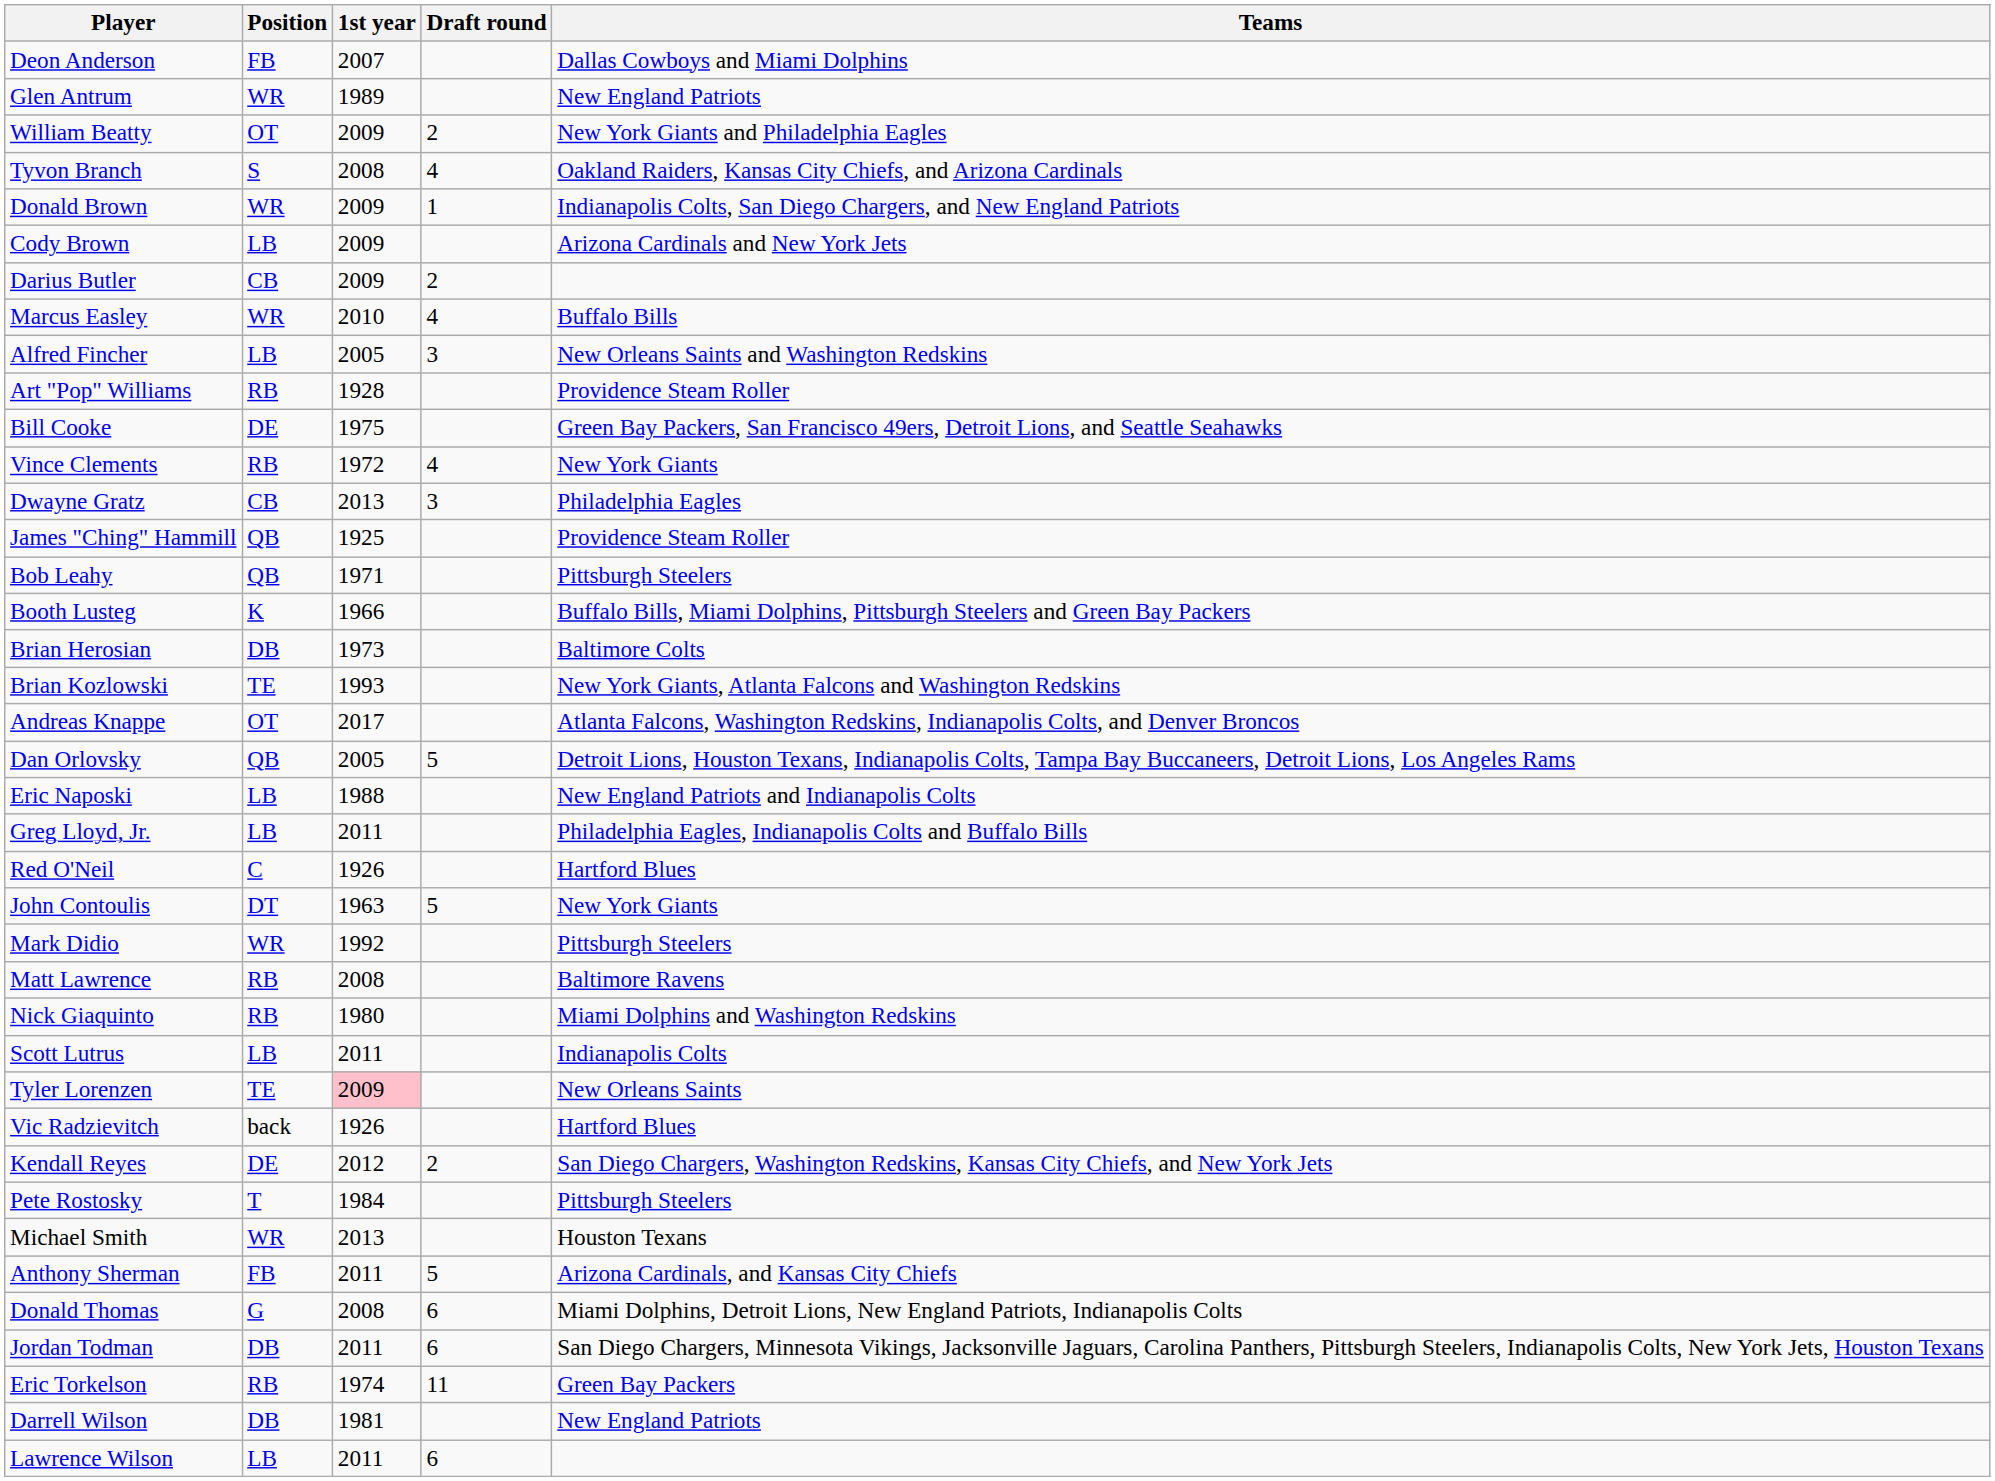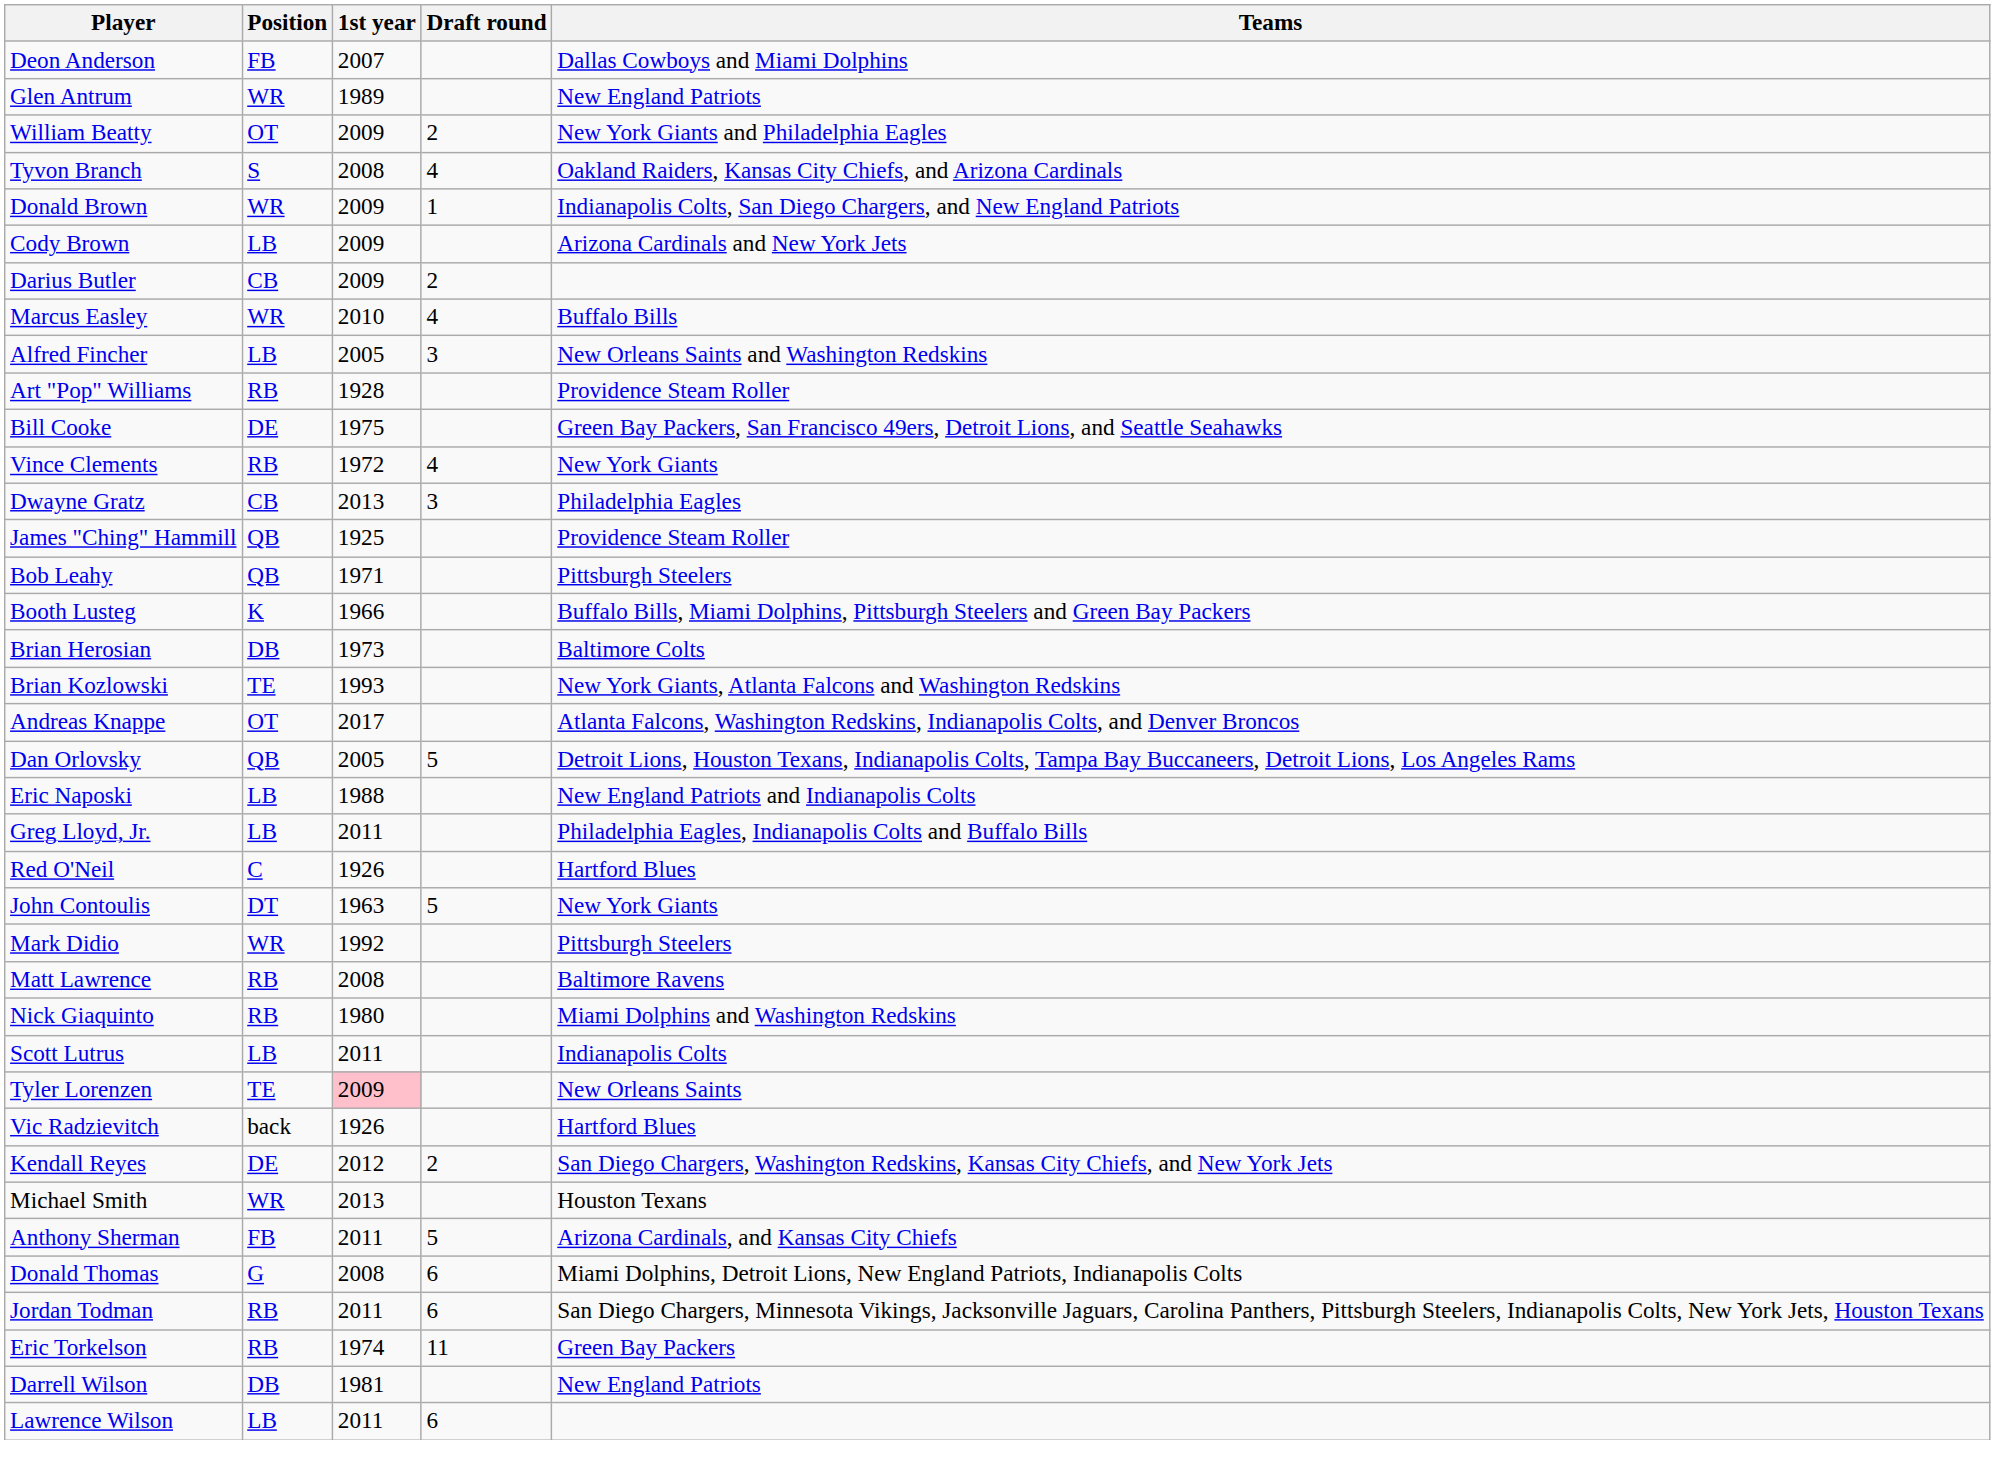 <table class="wikitable">
 <tr>
 <th>Player</th>
 <th>Position</th>
 <th>1st year</th>
 <th>Draft round</th>
 <th>Teams</th>
 </tr>
 <tr>
 <td><a href='#'>Deon Anderson</a></td>
 <td><a href='#'>FB</a></td>
 <td>2007</td>
 <td></td>
 <td><a href='#'>Dallas Cowboys</a> and <a href='#'>Miami Dolphins</a></td>
 </tr>
 <tr>
 <td><a href='#'>Glen Antrum</a></td>
 <td><a href='#'>WR</a></td>
 <td>1989</td>
 <td></td>
 <td><a href='#'>New England Patriots</a></td>
 </tr>
 <tr>
 <td><a href='#'>William Beatty</a></td>
 <td><a href='#'>OT</a></td>
 <td>2009</td>
 <td>2</td>
 <td><a href='#'>New York Giants</a> and <a href='#'>Philadelphia Eagles</a></td>
 </tr>
 <tr>
 <td><a href='#'>Tyvon Branch</a></td>
 <td><a href='#'>S</a></td>
 <td>2008</td>
 <td>4</td>
 <td><a href='#'>Oakland Raiders</a>, <a href='#'>Kansas City Chiefs</a>, and <a href='#'>Arizona Cardinals</a></td>
 </tr>
 <tr>
 <td><a href='#'>Donald Brown</a></td>
 <td><a href='#'>WR</a></td>
 <td>2009</td>
 <td>1</td>
 <td><a href='#'>Indianapolis Colts</a>, <a href='#'>San Diego Chargers</a>, and <a href='#'>New England Patriots</a></td>
 </tr>
 <tr>
 <td><a href='#'>Cody Brown</a></td>
 <td><a href='#'>LB</a></td>
 <td>2009</td>
 <td></td>
 <td><a href='#'>Arizona Cardinals</a> and <a href='#'>New York Jets</a></td>
 </tr>
 <tr>
 <td><a href='#'>Darius Butler</a></td>
 <td><a href='#'>CB</a></td>
 <td>2009</td>
 <td>2</td>
 </tr>
 <tr>
 <td><a href='#'>Marcus Easley</a></td>
 <td><a href='#'>WR</a></td>
 <td>2010</td>
 <td>4</td>
 <td><a href='#'>Buffalo Bills</a></td>
 </tr>
 <tr>
 <td><a href='#'>Alfred Fincher</a></td>
 <td><a href='#'>LB</a></td>
 <td>2005</td>
 <td>3</td>
 <td><a href='#'>New Orleans Saints</a> and <a href='#'>Washington Redskins</a></td>
 </tr>
 <tr>
 <td><a href='#'>Art "Pop" Williams</a></td>
 <td><a href='#'>RB</a></td>
 <td>1928</td>
 <td></td>
 <td><a href='#'>Providence Steam Roller</a></td>
 </tr>
 <tr>
 <td><a href='#'>Bill Cooke</a></td>
 <td><a href='#'>DE</a></td>
 <td>1975</td>
 <td></td>
 <td><a href='#'>Green Bay Packers</a>, <a href='#'>San Francisco 49ers</a>, <a href='#'>Detroit Lions</a>, and <a href='#'>Seattle Seahawks</a></td>
 </tr>
 <tr>
 <td><a href='#'>Vince Clements</a></td>
 <td><a href='#'>RB</a></td>
 <td>1972</td>
 <td>4</td>
 <td><a href='#'>New York Giants</a></td>
 </tr>
 <tr>
 <td><a href='#'>Dwayne Gratz</a></td>
 <td><a href='#'>CB</a></td>
 <td>2013</td>
 <td>3</td>
 <td><a href='#'>Philadelphia Eagles</a></td>
 </tr>
 <tr>
 <td><a href='#'>James "Ching" Hammill</a></td>
 <td><a href='#'>QB</a></td>
 <td>1925</td>
 <td></td>
 <td><a href='#'>Providence Steam Roller</a></td>
 </tr>
 <tr>
 <td><a href='#'>Bob Leahy</a></td>
 <td><a href='#'>QB</a></td>
 <td>1971</td>
 <td></td>
 <td><a href='#'>Pittsburgh Steelers</a></td>
 </tr>
 <tr>
 <td><a href='#'>Booth Lusteg</a></td>
 <td><a href='#'>K</a></td>
 <td>1966</td>
 <td></td>
 <td><a href='#'>Buffalo Bills</a>, <a href='#'>Miami Dolphins</a>, <a href='#'>Pittsburgh Steelers</a> and <a href='#'>Green Bay Packers</a></td>
 </tr>
 <tr>
 <td><a href='#'>Brian Herosian</a></td>
 <td><a href='#'>DB</a></td>
 <td>1973</td>
 <td></td>
 <td><a href='#'>Baltimore Colts</a></td>
 </tr>
 <tr>
 <td><a href='#'>Brian Kozlowski</a></td>
 <td><a href='#'>TE</a></td>
 <td>1993</td>
 <td></td>
 <td><a href='#'>New York Giants</a>, <a href='#'>Atlanta Falcons</a> and <a href='#'>Washington Redskins</a></td>
 </tr>
 <tr>
 <td><a href='#'>Andreas Knappe</a></td>
 <td><a href='#'>OT</a></td>
 <td>2017</td>
 <td></td>
 <td><a href='#'>Atlanta Falcons</a>, <a href='#'>Washington Redskins</a>, <a href='#'>Indianapolis Colts</a>, and <a href='#'>Denver Broncos</a></td>
 </tr>
 <tr>
 <td><a href='#'>Dan Orlovsky</a></td>
 <td><a href='#'>QB</a></td>
 <td>2005</td>
 <td>5</td>
 <td><a href='#'>Detroit Lions</a>, <a href='#'>Houston Texans</a>, <a href='#'>Indianapolis Colts</a>, <a href='#'>Tampa Bay Buccaneers</a>, <a href='#'>Detroit Lions</a>, <a href='#'>Los Angeles Rams</a></td>
 </tr>
 <tr>
 <td><a href='#'>Eric Naposki</a></td>
 <td><a href='#'>LB</a></td>
 <td>1988</td>
 <td></td>
 <td><a href='#'>New England Patriots</a> and <a href='#'>Indianapolis Colts</a></td>
 </tr>
 <tr>
 <td><a href='#'>Greg Lloyd, Jr.</a></td>
 <td><a href='#'>LB</a></td>
 <td>2011</td>
 <td></td>
 <td><a href='#'>Philadelphia Eagles</a>, <a href='#'>Indianapolis Colts</a> and <a href='#'>Buffalo Bills</a></td>
 </tr>
 <tr>
 <td><a href='#'>Red O'Neil</a></td>
 <td><a href='#'>C</a></td>
 <td>1926</td>
 <td></td>
 <td><a href='#'>Hartford Blues</a></td>
 </tr>
 <tr>
 <td><a href='#'>John Contoulis</a></td>
 <td><a href='#'>DT</a></td>
 <td>1963</td>
 <td>5</td>
 <td><a href='#'>New York Giants</a></td>
 </tr>
 <tr>
 <td><a href='#'>Mark Didio</a></td>
 <td><a href='#'>WR</a></td>
 <td>1992</td>
 <td></td>
 <td><a href='#'>Pittsburgh Steelers</a></td>
 </tr>
 <tr>
 <td><a href='#'>Matt Lawrence</a></td>
 <td><a href='#'>RB</a></td>
 <td>2008</td>
 <td></td>
 <td><a href='#'>Baltimore Ravens</a></td>
 </tr>
 <tr>
 <td><a href='#'>Nick Giaquinto</a></td>
 <td><a href='#'>RB</a></td>
 <td>1980</td>
 <td></td>
 <td><a href='#'>Miami Dolphins</a> and <a href='#'>Washington Redskins</a></td>
 </tr>
 <tr>
 <td><a href='#'>Scott Lutrus</a></td>
 <td><a href='#'>LB</a></td>
 <td>2011</td>
 <td></td>
 <td><a href='#'>Indianapolis Colts</a></td>
 </tr>
 <tr>
 <td><a href='#'>Tyler Lorenzen</a></td>
 <td><a href='#'>TE</a></td>
 <td style="background: pink;">2009</td>
 <td></td>
 <td><a href='#'>New Orleans Saints</a></td>
 </tr>
 <tr>
 <td><a href='#'>Vic Radzievitch</a>  </td>
 <td>back</td>
 <td>1926</td>
 <td></td>
 <td><a href='#'>Hartford Blues</a></td>
 </tr>
 <tr>
 <td><a href='#'>Kendall Reyes</a></td>
 <td><a href='#'>DE</a></td>
 <td>2012</td>
 <td>2</td>
 <td><a href='#'>San Diego Chargers</a>, <a href='#'>Washington Redskins</a>, <a href='#'>Kansas City Chiefs</a>, and <a href='#'>New York Jets</a></td>
 </tr>
 <tr>
-<td><a href='#'>Pete Rostosky</a></td>
-<td><a href='#'>T</a></td>
-<td>1984</td>
-<td></td>
-<td><a href='#'>Pittsburgh Steelers</a></td>
-</tr>
-<tr>
 <td>Michael Smith</td>
 <td><a href='#'>WR</a></td>
 <td>2013</td>
 <td></td>
 <td>Houston Texans</td>
 </tr>
 <tr>
 <td><a href='#'>Anthony Sherman</a></td>
 <td><a href='#'>FB</a></td>
 <td>2011</td>
 <td>5</td>
 <td><a href='#'>Arizona Cardinals</a>, and <a href='#'>Kansas City Chiefs</a></td>
 </tr>
 <tr>
 <td><a href='#'>Donald Thomas</a></td>
 <td><a href='#'>G</a></td>
 <td>2008</td>
 <td>6</td>
 <td>Miami Dolphins, Detroit Lions, New England Patriots, Indianapolis Colts</td>
 </tr>
 <tr>
 <td><a href='#'>Jordan Todman</a></td>
-<td><a href='#'>DB</a></td>
+<td><a href='#'>RB</a></td>
 <td>2011</td>
 <td>6</td>
 <td>San Diego Chargers, Minnesota Vikings, Jacksonville Jaguars, Carolina Panthers, Pittsburgh Steelers, Indianapolis Colts, New York Jets, <a href='#'>Houston Texans</a></td>
 </tr>
 <tr>
 <td><a href='#'>Eric Torkelson</a></td>
 <td><a href='#'>RB</a></td>
 <td>1974</td>
 <td>11</td>
 <td><a href='#'>Green Bay Packers</a></td>
 </tr>
 <tr>
 <td><a href='#'>Darrell Wilson</a></td>
 <td><a href='#'>DB</a></td>
 <td>1981</td>
 <td></td>
 <td><a href='#'>New England Patriots</a></td>
 </tr>
 <tr>
 <td><a href='#'>Lawrence Wilson</a></td>
 <td><a href='#'>LB</a></td>
 <td>2011</td>
 <td>6</td>
 <td></td>
 </tr>
 </table>
